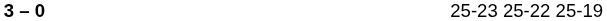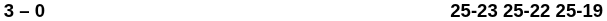 <table width=100% cellspacing=1>
 <tr>
 <th width=20%></th>
 <th width=12%></th>
 <th width=20%></th>
 <th width=33%></th>
 <td></td>
 </tr>
 <tr style=font-size:90%>
 <td align=right><strong></strong></td>
 <td align=center><strong>3 – 0</strong></td>
 <td></td>
-<td>25-23 25-22 25-19</td>
+<td><strong>25-23 25-22 25-19</strong></td>
 </tr>
 </table>
